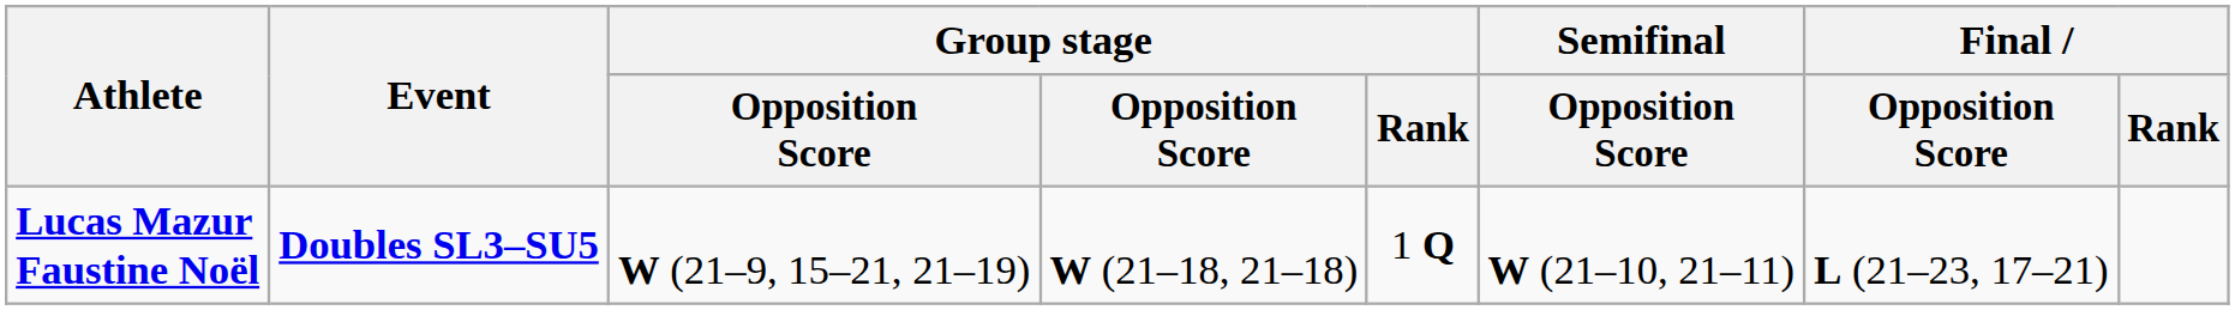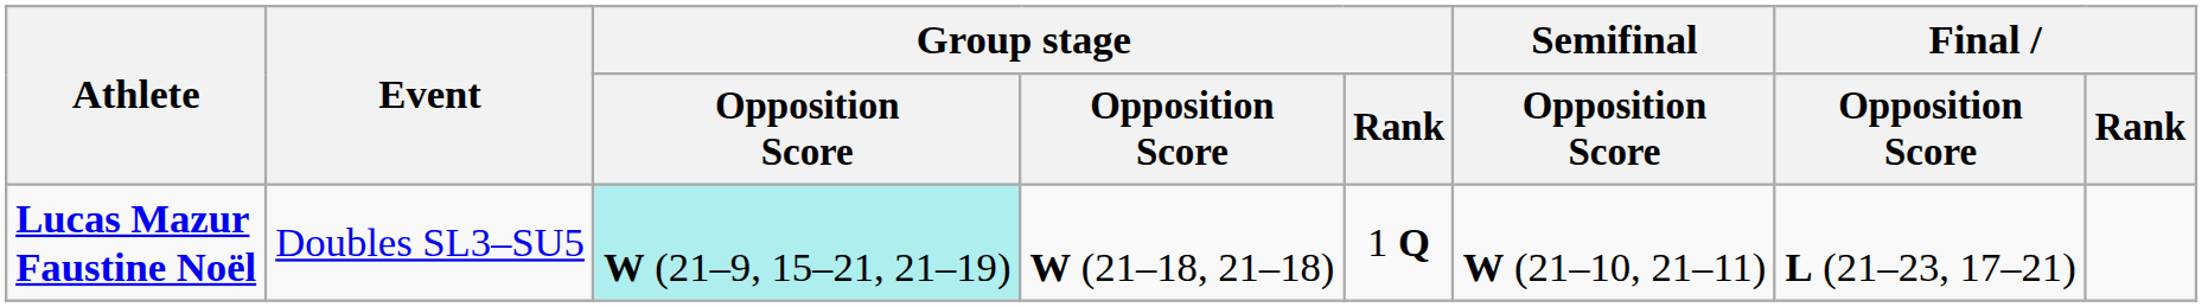 <table class="wikitable" style="font-size:95%; text-align:center">
 <tr>
 <th rowspan="2">Athlete</th>
 <th rowspan="2">Event</th>
 <th colspan="3">Group stage</th>
 <th>Semifinal</th>
 <th colspan="2">Final / </th>
 </tr>
 <tr style="font-size:95%">
 <th>Opposition<br>Score</th>
 <th>Opposition<br>Score</th>
 <th>Rank</th>
 <th>Opposition<br>Score</th>
 <th>Opposition<br>Score</th>
 <th>Rank</th>
 </tr>
 <tr>
 <td align="left"><strong><a href='#'>Lucas Mazur</a><br><a href='#'>Faustine Noël</a></strong></td>
-<td align="left"><strong><a href='#'>Doubles SL3–SU5</a></strong></td>
-<td><br><strong>W</strong> (21–9, 15–21, 21–19)</td>
+<td align="left"><a href='#'>Doubles SL3–SU5</a></td>
+<td style="background: paleturquoise;"><br><strong>W</strong> (21–9, 15–21, 21–19)</td>
 <td><br><strong>W</strong> (21–18, 21–18)</td>
 <td>1 <strong>Q</strong></td>
 <td><br><strong>W</strong> (21–10, 21–11)</td>
 <td><br><strong>L</strong> (21–23, 17–21)</td>
 <td></td>
 </tr>
 </table>
